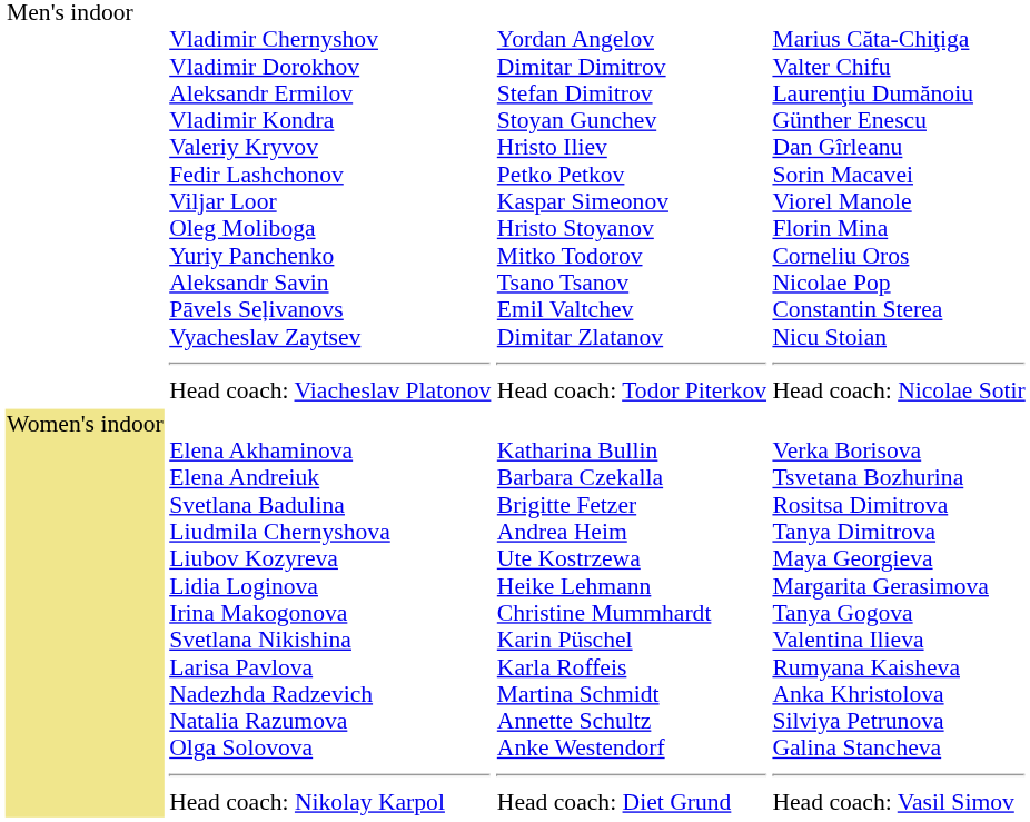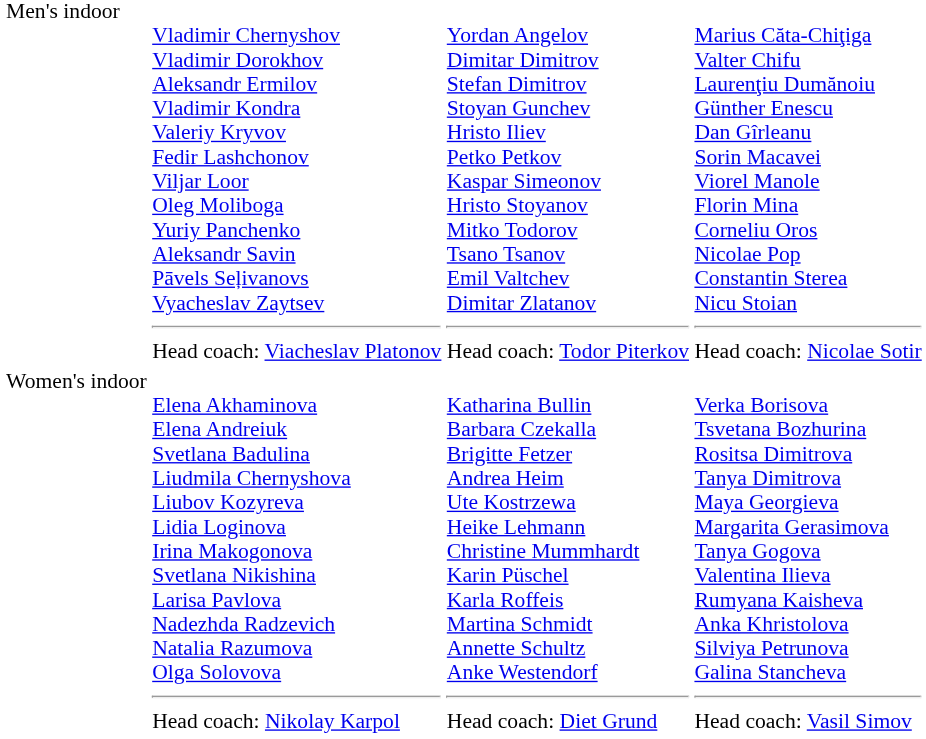 <table>
 <tr valign="top">
 <td>Men's indoor<br></td>
 <td valign=top><br><a href='#'>Vladimir Chernyshov</a><br><a href='#'>Vladimir Dorokhov</a><br><a href='#'>Aleksandr Ermilov</a><br><a href='#'>Vladimir Kondra</a><br><a href='#'>Valeriy Kryvov</a><br><a href='#'>Fedir Lashchonov</a><br><a href='#'>Viljar Loor</a><br><a href='#'>Oleg Moliboga</a><br><a href='#'>Yuriy Panchenko</a><br><a href='#'>Aleksandr Savin</a><br><a href='#'>Pāvels Seļivanovs</a><br><a href='#'>Vyacheslav Zaytsev</a><br><hr>Head coach: <a href='#'>Viacheslav Platonov</a></td>
 <td valign=top><br><a href='#'>Yordan Angelov</a><br><a href='#'>Dimitar Dimitrov</a><br><a href='#'>Stefan Dimitrov</a><br><a href='#'>Stoyan Gunchev</a><br><a href='#'>Hristo Iliev</a><br><a href='#'>Petko Petkov</a><br><a href='#'>Kaspar Simeonov</a><br><a href='#'>Hristo Stoyanov</a><br><a href='#'>Mitko Todorov</a><br><a href='#'>Tsano Tsanov</a><br><a href='#'>Emil Valtchev</a><br><a href='#'>Dimitar Zlatanov</a><br><hr>Head coach: <a href='#'>Todor Piterkov</a></td>
 <td valign=top><br><a href='#'>Marius Căta-Chiţiga</a><br><a href='#'>Valter Chifu</a><br><a href='#'>Laurenţiu Dumănoiu</a><br><a href='#'>Günther Enescu</a><br><a href='#'>Dan Gîrleanu</a><br><a href='#'>Sorin Macavei</a><br><a href='#'>Viorel Manole</a><br><a href='#'>Florin Mina</a><br><a href='#'>Corneliu Oros</a><br><a href='#'>Nicolae Pop</a><br><a href='#'>Constantin Sterea</a><br><a href='#'>Nicu Stoian</a><br><hr>Head coach: <a href='#'>Nicolae Sotir</a></td>
 </tr>
 <tr valign="top">
-<td style="background: khaki;">Women's indoor<br></td>
+<td>Women's indoor<br></td>
 <td valign=top><br><a href='#'>Elena Akhaminova</a><br><a href='#'>Elena Andreiuk</a><br><a href='#'>Svetlana Badulina</a><br><a href='#'>Liudmila Chernyshova</a><br><a href='#'>Liubov Kozyreva</a><br><a href='#'>Lidia Loginova</a><br><a href='#'>Irina Makogonova</a><br><a href='#'>Svetlana Nikishina</a><br><a href='#'>Larisa Pavlova</a><br><a href='#'>Nadezhda Radzevich</a><br><a href='#'>Natalia Razumova</a><br><a href='#'>Olga Solovova</a><br><hr>Head coach: <a href='#'>Nikolay Karpol</a></td>
 <td valign=top><br><a href='#'>Katharina Bullin</a><br><a href='#'>Barbara Czekalla</a><br><a href='#'>Brigitte Fetzer</a><br><a href='#'>Andrea Heim</a><br><a href='#'>Ute Kostrzewa</a><br><a href='#'>Heike Lehmann</a><br><a href='#'>Christine Mummhardt</a><br><a href='#'>Karin Püschel</a><br><a href='#'>Karla Roffeis</a><br><a href='#'>Martina Schmidt</a><br><a href='#'>Annette Schultz</a><br><a href='#'>Anke Westendorf</a><br><hr>Head coach: <a href='#'>Diet Grund</a></td>
 <td valign=top><br><a href='#'>Verka Borisova</a><br><a href='#'>Tsvetana Bozhurina</a><br><a href='#'>Rositsa Dimitrova</a><br><a href='#'>Tanya Dimitrova</a><br><a href='#'>Maya Georgieva</a><br><a href='#'>Margarita Gerasimova</a><br><a href='#'>Tanya Gogova</a><br><a href='#'>Valentina Ilieva</a><br><a href='#'>Rumyana Kaisheva</a><br><a href='#'>Anka Khristolova</a><br><a href='#'>Silviya Petrunova</a><br><a href='#'>Galina Stancheva</a><br><hr>Head coach: <a href='#'>Vasil Simov</a></td>
 </tr>
 </table>
